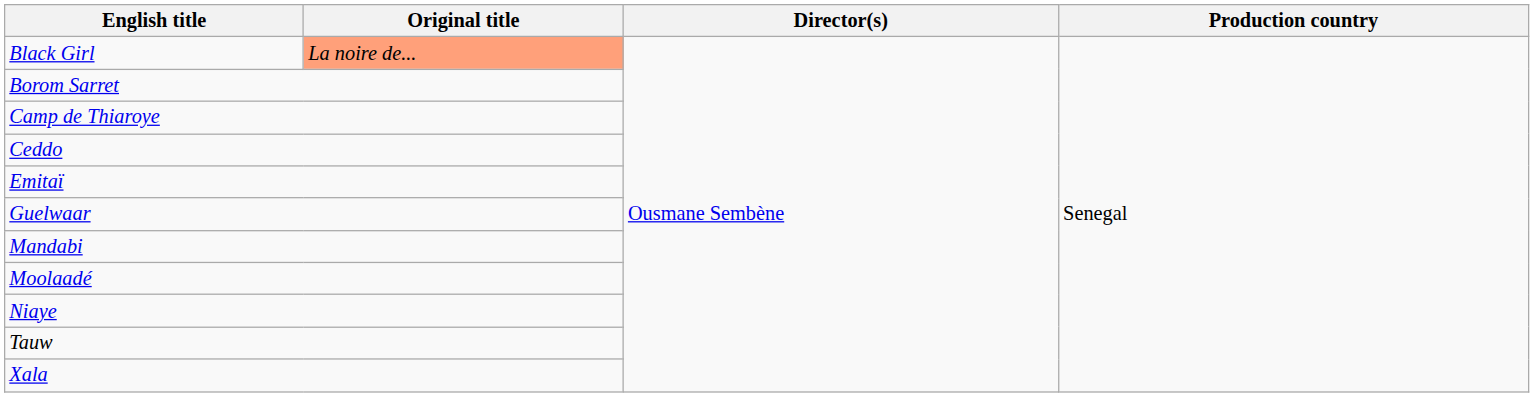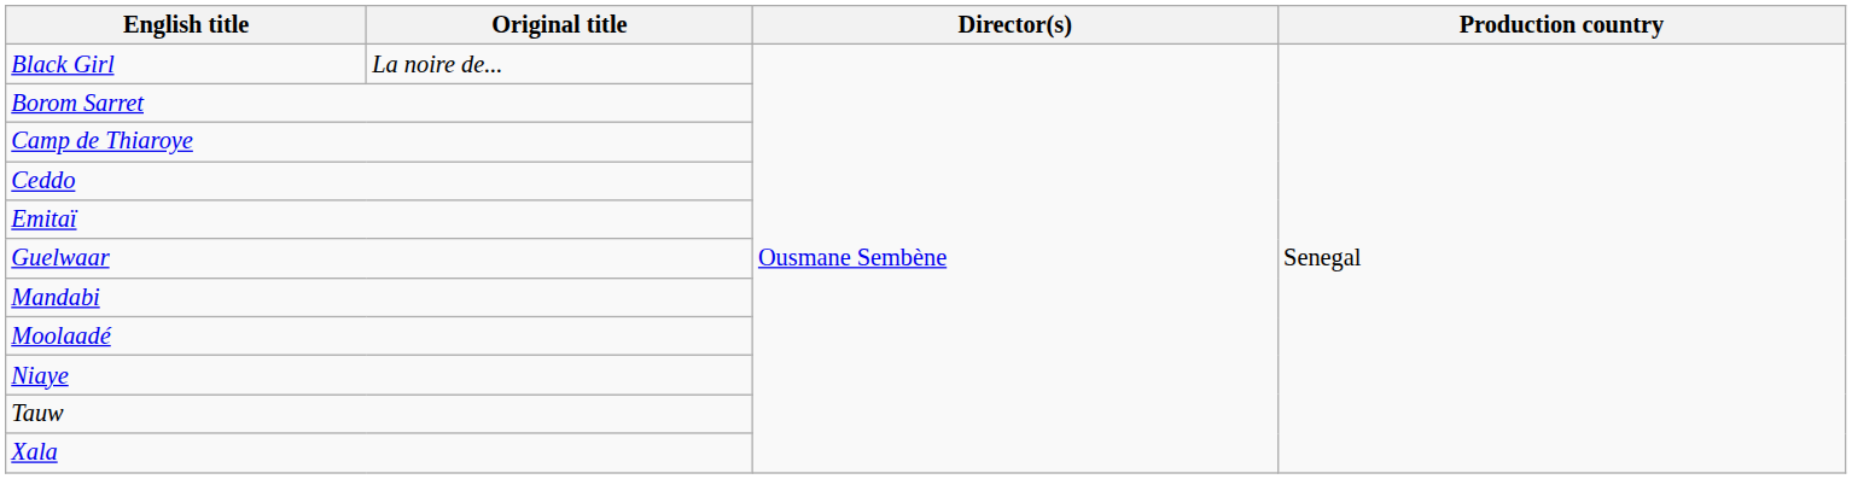 <table class="wikitable" style="width:95%; margin-bottom:2px">
 <tr>
 <th>English title</th>
 <th>Original title</th>
 <th>Director(s)</th>
 <th>Production country</th>
 </tr>
 <tr>
 <td><em><a href='#'>Black Girl</a></em></td>
-<td style="background: lightsalmon;"><em>La noire de...</em></td>
+<td><em>La noire de...</em></td>
 <td rowspan=11><a href='#'>Ousmane Sembène</a></td>
 <td rowspan=11>Senegal</td>
 </tr>
 <tr>
 <td colspan=2><em><a href='#'>Borom Sarret</a></em></td>
 </tr>
 <tr>
 <td colspan=2><em><a href='#'>Camp de Thiaroye</a></em></td>
 </tr>
 <tr>
 <td colspan=2><em><a href='#'>Ceddo</a></em></td>
 </tr>
 <tr>
 <td colspan=2><em><a href='#'>Emitaï</a></em></td>
 </tr>
 <tr>
 <td colspan=2><em><a href='#'>Guelwaar</a></em></td>
 </tr>
 <tr>
 <td colspan=2><em><a href='#'>Mandabi</a></em></td>
 </tr>
 <tr>
 <td colspan=2><em><a href='#'>Moolaadé</a></em></td>
 </tr>
 <tr>
 <td colspan=2><em><a href='#'>Niaye</a></em></td>
 </tr>
 <tr>
 <td colspan=2><em>Tauw</em></td>
 </tr>
 <tr>
 <td colspan=2><em><a href='#'>Xala</a></em></td>
 </tr>
 </table>
